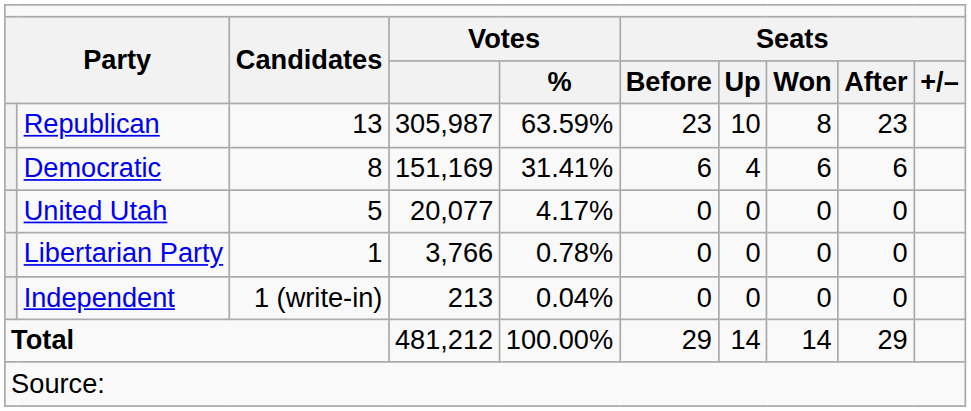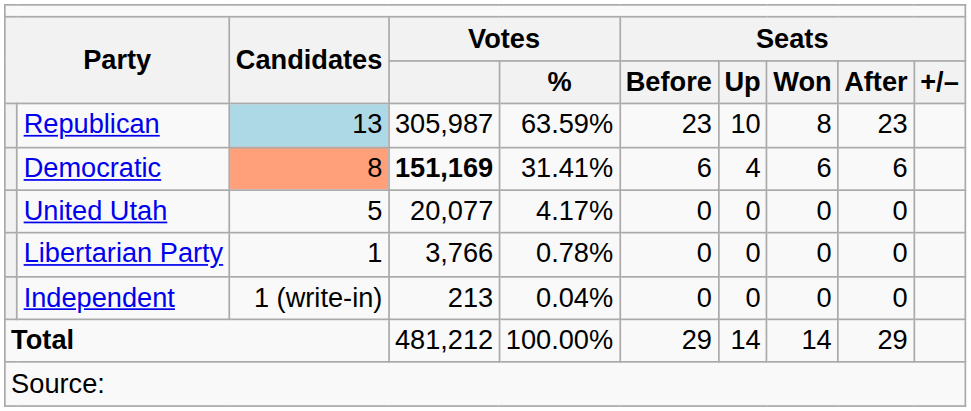 <table class="wikitable">
 <tr>
 <td colspan=15 align=center></td>
 </tr>
 <tr>
 <th rowspan="2" colspan="2">Party</th>
 <th rowspan="2">Candidates</th>
 <th colspan="2">Votes</th>
 <th colspan="5">Seats</th>
 </tr>
 <tr>
 <th></th>
 <th>%</th>
 <th>Before</th>
 <th>Up</th>
 <th>Won</th>
 <th>After</th>
 <th>+/–</th>
 </tr>
 <tr>
 <th style="background-color:"></th>
 <td><a href='#'>Republican</a></td>
-<td align="right">13</td>
+<td align="right" style="background: lightblue;">13</td>
 <td align="right">305,987</td>
 <td align="right">63.59%</td>
 <td align="right">23</td>
 <td align="right">10</td>
 <td align="right">8</td>
 <td align="right">23</td>
 <td align="right"></td>
 </tr>
 <tr>
 <th style="background-color:"></th>
 <td><a href='#'>Democratic</a></td>
-<td align="right">8</td>
-<td align="right">151,169</td>
+<td align="right" style="background: lightsalmon;">8</td>
+<td align="right"><strong>151,169</strong></td>
 <td align="right">31.41%</td>
 <td align="right">6</td>
 <td align="right">4</td>
 <td align="right">6</td>
 <td align="right">6</td>
 <td align="right"></td>
 </tr>
 <tr>
 <th style="background-color:"></th>
 <td><a href='#'>United Utah</a></td>
 <td align="right">5</td>
 <td align="right">20,077</td>
 <td align="right">4.17%</td>
 <td align="right">0</td>
 <td align="right">0</td>
 <td align="right">0</td>
 <td align="right">0</td>
 <td align="right"></td>
 </tr>
 <tr>
 <th style="background-color:"></th>
 <td><a href='#'>Libertarian Party</a></td>
 <td align="right">1</td>
 <td align="right">3,766</td>
 <td align="right">0.78%</td>
 <td align="right">0</td>
 <td align="right">0</td>
 <td align="right">0</td>
 <td align="right">0</td>
 <td align="right"></td>
 </tr>
 <tr>
 <th style="background-color:"></th>
 <td><a href='#'>Independent</a></td>
 <td align="right">1 (write-in)</td>
 <td align="right">213</td>
 <td align="right">0.04%</td>
 <td align="right">0</td>
 <td align="right">0</td>
 <td align="right">0</td>
 <td align="right">0</td>
 <td align="right"></td>
 </tr>
 <tr>
 <td colspan="3" align="left"><strong>Total</strong></td>
 <td align="right">481,212</td>
 <td align="right">100.00%</td>
 <td align="right">29</td>
 <td align="right">14</td>
 <td align="right">14</td>
 <td align="right">29</td>
 <td align="right"></td>
 </tr>
 <tr>
 <td colspan="10">Source: </td>
 </tr>
 </table>
